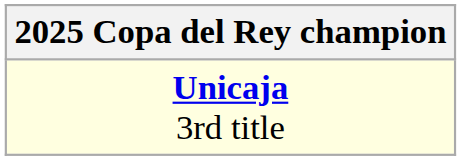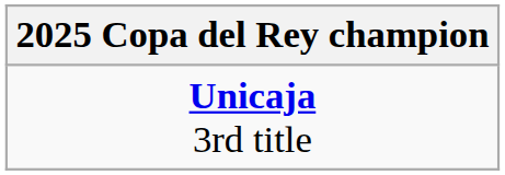 <table class="wikitable" style="text-align:center; margin:auto">
 <tr>
 <th>2025 Copa del Rey champion</th>
 </tr>
 <tr>
-<td style="background: lightyellow;"><strong><a href='#'>Unicaja</a></strong><br>3rd title</td>
+<td><strong><a href='#'>Unicaja</a></strong><br>3rd title</td>
 </tr>
 </table>
